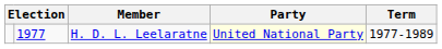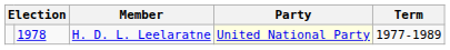 <table class="wikitable">
 <tr>
 <th colspan="2">Election</th>
 <th>Member</th>
 <th>Party</th>
 <th>Term</th>
 </tr>
 <tr>
 <td style="background-color: "></td>
-<td><a href='#'>1977</a></td>
+<td><a href='#'>1978</a></td>
 <td><a href='#'>H. D. L. Leelaratne</a></td>
 <td style="background: lightyellow;"><a href='#'>United National Party</a></td>
 <td>1977-1989</td>
 </tr>
 </table>
